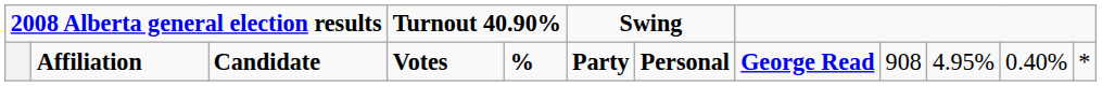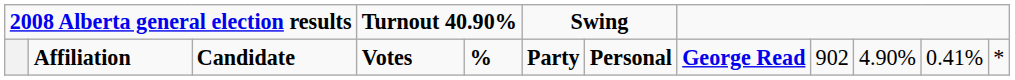 <table class="wikitable">
 <tr>
 <td colspan="3" align=center><strong><a href='#'>2008 Alberta general election</a> results</strong></td>
 <td colspan="2"><strong>Turnout 40.90%</strong></td>
 <td colspan="2" align=center><strong>Swing</strong></td>
 </tr>
 <tr>
 <th style="width: 10px;"></th>
 <td><strong>Affiliation</strong></td>
 <td><strong>Candidate</strong></td>
 <td><strong>Votes</strong></td>
 <td><strong>%</strong></td>
 <td><strong>Party</strong></td>
 <td><strong>Personal</strong><br>   </td>
 <td><strong><a href='#'>George Read</a></strong></td>
-<td>908</td>
-<td>4.95%</td>
-<td>0.40%</td>
+<td>902</td>
+<td>4.90%</td>
+<td>0.41%</td>
 <td align=center>*<br>    </td>
 </tr>
 </table>
